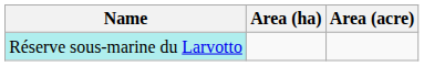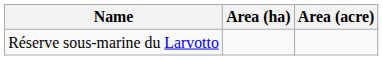 <table class="wikitable">
 <tr>
 <th scope="col" align=left>Name</th>
 <th scope="col">Area (ha)</th>
 <th scope="col">Area (acre)</th>
 </tr>
 <tr ---->
-<td style="background: paleturquoise;">Réserve sous-marine du <a href='#'>Larvotto</a></td>
+<td>Réserve sous-marine du <a href='#'>Larvotto</a></td>
 <td></td>
 </tr>
 </table>
